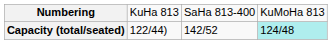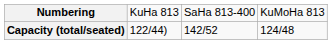 <table class="wikitable">
 <tr>
 <th>Numbering</th>
 <td>KuHa 813</td>
 <td>SaHa 813-400</td>
 <td>KuMoHa 813</td>
 </tr>
 <tr>
 <th>Capacity (total/seated)</th>
 <td>122/44)</td>
 <td>142/52</td>
-<td style="background: paleturquoise;">124/48</td>
+<td>124/48</td>
 </tr>
 </table>
